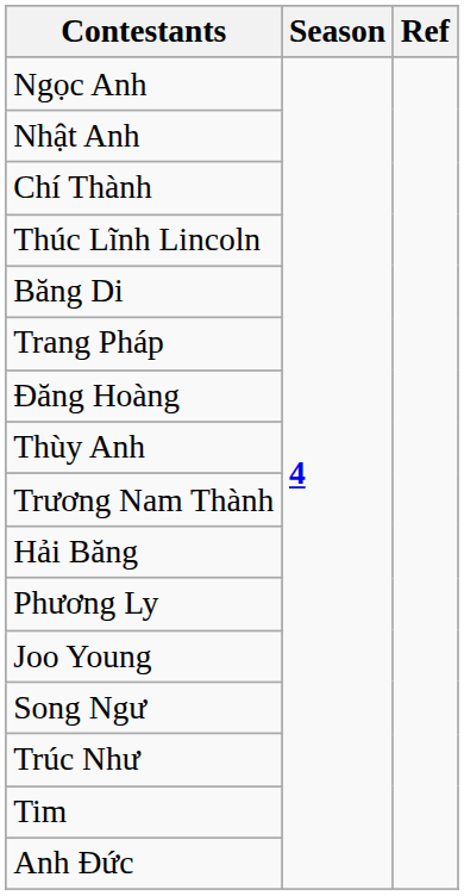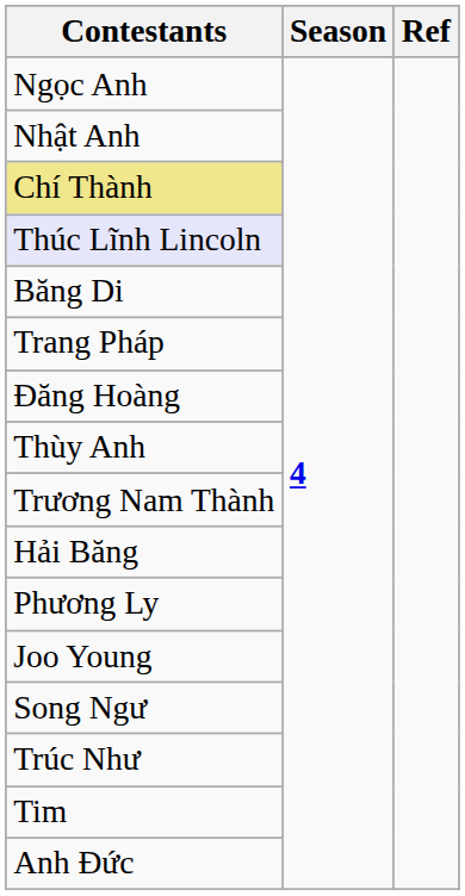 <table class="wikitable">
 <tr>
 <th>Contestants</th>
 <th>Season</th>
 <th><strong>Ref</strong></th>
 </tr>
 <tr>
 <td>Ngọc Anh</td>
 <td rowspan="16"><strong><a href='#'>4</a></strong></td>
 <td rowspan="16"></td>
 </tr>
 <tr>
 <td>Nhật Anh</td>
 </tr>
 <tr>
-<td>Chí Thành</td>
+<td style="background: khaki;">Chí Thành</td>
 </tr>
 <tr>
-<td>Thúc Lĩnh Lincoln</td>
+<td style="background: lavender;">Thúc Lĩnh Lincoln</td>
 </tr>
 <tr>
 <td>Băng Di</td>
 </tr>
 <tr>
 <td>Trang Pháp</td>
 </tr>
 <tr>
 <td>Đăng Hoàng</td>
 </tr>
 <tr>
 <td>Thùy Anh</td>
 </tr>
 <tr>
 <td>Trương Nam Thành</td>
 </tr>
 <tr>
 <td>Hải Băng</td>
 </tr>
 <tr>
 <td>Phương Ly</td>
 </tr>
 <tr>
 <td>Joo Young</td>
 </tr>
 <tr>
 <td>Song Ngư</td>
 </tr>
 <tr>
 <td>Trúc Như</td>
 </tr>
 <tr>
 <td>Tim</td>
 </tr>
 <tr>
 <td>Anh Đức</td>
 </tr>
 </table>
